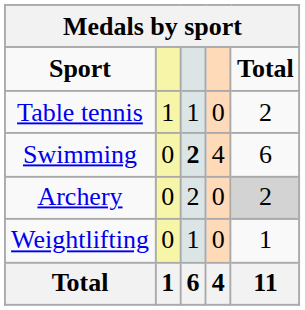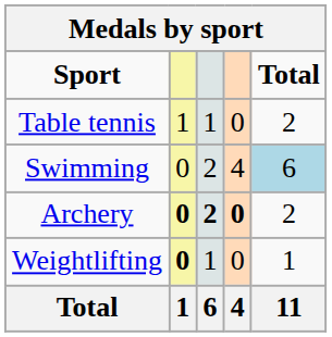 <table class="wikitable" border="1" style="font-size:85%; float:down">
 <tr bgcolor=#efefef>
 <th colspan=7><strong>Medals by sport</strong></th>
 </tr>
 <tr align=center>
 <td><strong>Sport</strong></td>
 <td bgcolor=#f7f6a8></td>
 <td bgcolor=#dce5e5></td>
 <td bgcolor=#ffdab9></td>
 <td><strong>Total</strong></td>
 </tr>
 <tr align=center>
 <td><a href='#'>Table tennis</a></td>
 <td bgcolor=#f7f6a8>1</td>
 <td bgcolor=#dce5e5>1</td>
 <td bgcolor=#ffdab9>0</td>
 <td>2</td>
 </tr>
 <tr align=center>
 <td><a href='#'>Swimming</a></td>
 <td bgcolor=#f7f6a8>0</td>
-<td bgcolor=#dce5e5><strong>2</strong></td>
+<td bgcolor=#dce5e5>2</td>
 <td bgcolor=#ffdab9>4</td>
-<td>6</td>
+<td style="background: lightblue;">6</td>
 </tr>
 <tr align=center>
 <td><a href='#'>Archery</a></td>
-<td bgcolor=#f7f6a8>0</td>
-<td bgcolor=#dce5e5>2</td>
-<td bgcolor=#ffdab9>0</td>
-<td style="background: lightgrey;">2</td>
+<td bgcolor=#f7f6a8><strong>0</strong></td>
+<td bgcolor=#dce5e5><strong>2</strong></td>
+<td bgcolor=#ffdab9><strong>0</strong></td>
+<td>2</td>
 </tr>
 <tr align=center>
 <td><a href='#'>Weightlifting</a></td>
-<td bgcolor=#f7f6a8>0</td>
+<td bgcolor=#f7f6a8><strong>0</strong></td>
 <td bgcolor=#dce5e5>1</td>
 <td bgcolor=#ffdab9>0</td>
 <td>1</td>
 </tr>
 <tr align=center>
 <th><strong>Total</strong></th>
 <th bgcolor=gold><strong>1</strong></th>
 <th bgcolor=silver><strong>6</strong></th>
 <th bgcolor=#c96><strong>4</strong></th>
 <th><strong>11</strong></th>
 </tr>
 </table>
